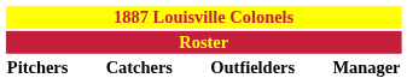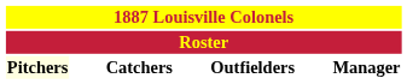 <table class="toccolours" style="font-size: 95%;">
 <tr>
 <th colspan="10" style="background-color: #FFFF00; color: #C41E3A; text-align: center;">1887 Louisville Colonels</th>
 </tr>
 <tr>
 <td colspan="10" style="background-color: #C41E3A; color: yellow; text-align: center;"><strong>Roster</strong></td>
 </tr>
 <tr>
-<td valign="top"><strong>Pitchers</strong><br>   </td>
+<td valign="top" style="background: lightyellow;"><strong>Pitchers</strong><br>   </td>
 <td width="25px"></td>
 <td valign="top"><strong>Catchers</strong><br>      </td>
 <td width="25px"></td>
 <td valign="top"><strong>Outfielders</strong><br>    </td>
 <td width="25px"></td>
 <td valign="top"><strong>Manager</strong><br></td>
 </tr>
 <tr>
 </tr>
 </table>
